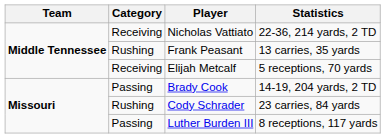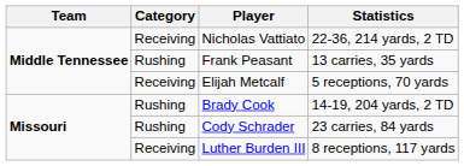 <table class="wikitable" style="float: right;">
 <tr>
 <th>Team</th>
 <th>Category</th>
 <th>Player</th>
 <th>Statistics</th>
 </tr>
 <tr>
 <td rowspan=3><strong>Middle Tennessee</strong></td>
 <td>Receiving</td>
 <td>Nicholas Vattiato</td>
 <td>22-36, 214 yards, 2 TD</td>
 </tr>
 <tr>
 <td>Rushing</td>
 <td>Frank Peasant</td>
 <td>13 carries, 35 yards</td>
 </tr>
 <tr>
 <td>Receiving</td>
 <td>Elijah Metcalf</td>
 <td>5 receptions, 70 yards</td>
 </tr>
 <tr>
 <td rowspan=3><strong>Missouri</strong></td>
-<td>Passing</td>
+<td>Rushing</td>
 <td><a href='#'>Brady Cook</a></td>
 <td>14-19, 204 yards, 2 TD</td>
 </tr>
 <tr>
 <td>Rushing</td>
 <td><a href='#'>Cody Schrader</a></td>
 <td>23 carries, 84 yards</td>
 </tr>
 <tr>
-<td>Passing</td>
+<td>Receiving</td>
 <td><a href='#'>Luther Burden III</a></td>
 <td>8 receptions, 117 yards</td>
 </tr>
 </table>
